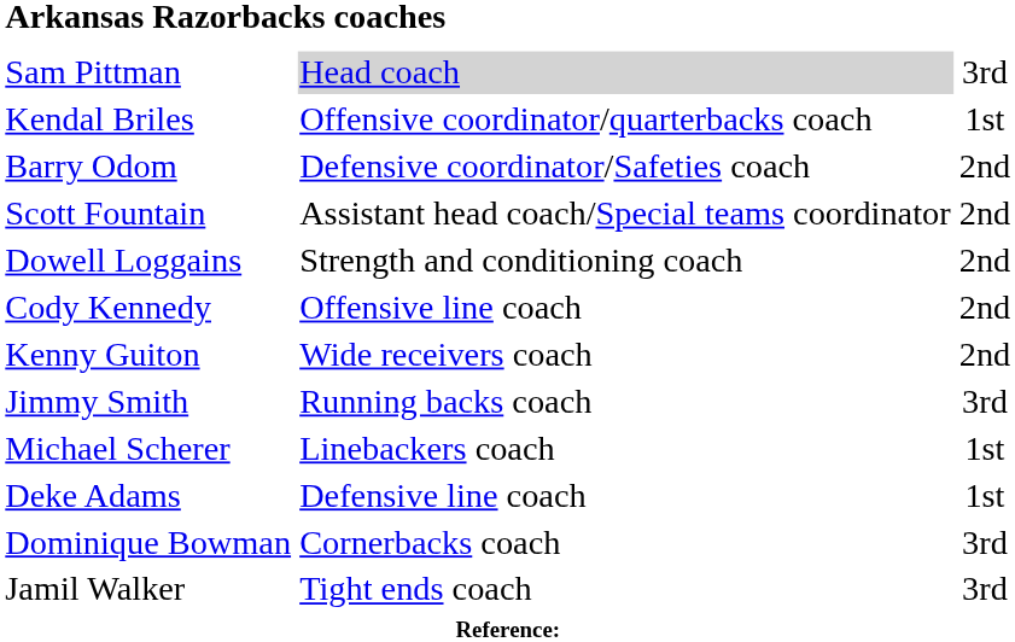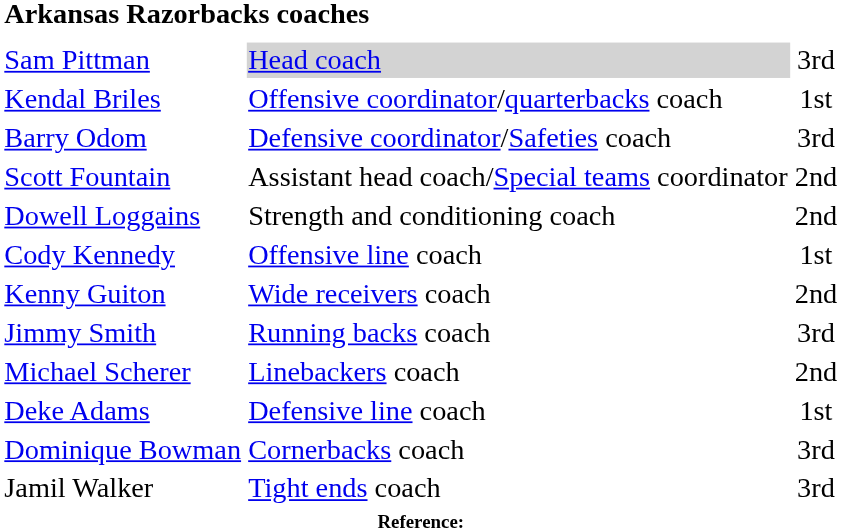 <table class="toccolours" style="text-align: left;">
 <tr>
 <td colspan="9"><strong>Arkansas Razorbacks coaches</strong></td>
 </tr>
 <tr>
 <td style="font-size: 95%;" valign="top"></td>
 <td></td>
 </tr>
 <tr>
 <td><a href='#'>Sam Pittman</a></td>
 <td style="background: lightgrey;"><a href='#'>Head coach</a></td>
 <td align=center>3rd</td>
 </tr>
 <tr>
 <td><a href='#'>Kendal Briles</a></td>
 <td><a href='#'>Offensive coordinator</a>/<a href='#'>quarterbacks</a> coach</td>
 <td align=center>1st</td>
 </tr>
 <tr>
 <td><a href='#'>Barry Odom</a></td>
 <td><a href='#'>Defensive coordinator</a>/<a href='#'>Safeties</a> coach</td>
-<td align=center>2nd</td>
+<td align=center>3rd</td>
 </tr>
 <tr>
 <td><a href='#'>Scott Fountain</a></td>
 <td>Assistant head coach/<a href='#'>Special teams</a> coordinator</td>
 <td align=center>2nd</td>
 </tr>
 <tr>
 <td><a href='#'>Dowell Loggains</a></td>
 <td>Strength and conditioning coach</td>
 <td align=center>2nd</td>
 </tr>
 <tr>
 <td><a href='#'>Cody Kennedy</a></td>
 <td><a href='#'>Offensive line</a> coach</td>
-<td align=center>2nd</td>
+<td align=center>1st</td>
 </tr>
 <tr>
 <td><a href='#'>Kenny Guiton</a></td>
 <td><a href='#'>Wide receivers</a> coach</td>
 <td align=center>2nd</td>
 </tr>
 <tr>
 <td><a href='#'>Jimmy Smith</a></td>
 <td><a href='#'>Running backs</a> coach</td>
 <td align=center>3rd</td>
 </tr>
 <tr>
 <td><a href='#'>Michael Scherer</a></td>
 <td><a href='#'>Linebackers</a> coach</td>
-<td align=center>1st</td>
+<td align=center>2nd</td>
 </tr>
 <tr>
 <td><a href='#'>Deke Adams</a></td>
 <td><a href='#'>Defensive line</a> coach</td>
 <td align=center>1st</td>
 </tr>
 <tr>
 <td><a href='#'>Dominique Bowman</a></td>
 <td><a href='#'>Cornerbacks</a> coach</td>
 <td align=center>3rd</td>
 </tr>
 <tr>
 <td>Jamil Walker</td>
 <td><a href='#'>Tight ends</a> coach</td>
 <td align=center>3rd</td>
 </tr>
 <tr>
 <td colspan="4"  style="font-size:8pt; text-align:center;"><strong>Reference:</strong></td>
 </tr>
 </table>
